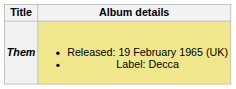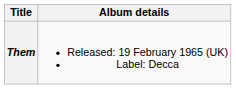 <table class="wikitable plainrowheaders" style="text-align:center;">
 <tr>
 <th rowspan="1">Title</th>
 <th rowspan="1">Album details</th>
 </tr>
 <tr>
 <th scope="row"><em>Them</em></th>
-<td style="background: khaki;"><br><ul><li>Released: 19 February 1965 (UK)</li><li>Label: Decca</li></ul></td>
+<td><br><ul><li>Released: 19 February 1965 (UK)</li><li>Label: Decca</li></ul></td>
 </tr>
 </table>
